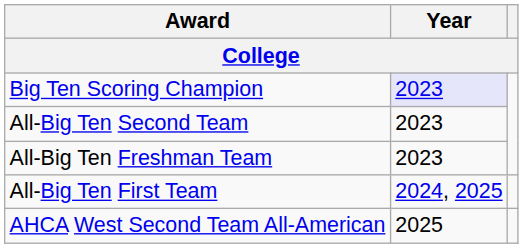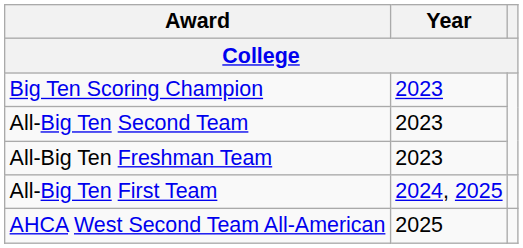 <table class="wikitable">
 <tr>
 <th>Award</th>
 <th>Year</th>
 <th></th>
 </tr>
 <tr>
 <th colspan="3"><a href='#'>College</a></th>
 </tr>
 <tr>
 <td><a href='#'>Big Ten Scoring Champion</a></td>
-<td style="background: lavender;"><a href='#'>2023</a></td>
+<td><a href='#'>2023</a></td>
 <td rowspan="3"></td>
 </tr>
 <tr>
 <td>All-<a href='#'>Big Ten</a> <a href='#'>Second Team</a></td>
 <td>2023</td>
 </tr>
 <tr>
 <td>All-Big Ten <a href='#'>Freshman Team</a></td>
 <td>2023</td>
 </tr>
 <tr>
 <td>All-<a href='#'>Big Ten</a> <a href='#'>First Team</a></td>
 <td><a href='#'>2024</a>, <a href='#'>2025</a></td>
 <td></td>
 </tr>
 <tr>
 <td><a href='#'>AHCA</a> <a href='#'>West Second Team All-American</a></td>
 <td>2025</td>
 <td></td>
 </tr>
 </table>
